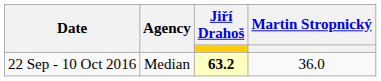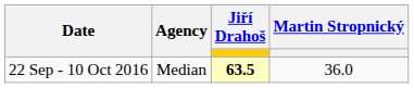 <table class="wikitable collapsible collapsed" style=text-align:center>
 <tr>
 <th rowspan="2">Date</th>
 <th rowspan="2">Agency</th>
 <th><a href='#'>Jiří Drahoš</a></th>
 <th><a href='#'>Martin Stropnický</a></th>
 </tr>
 <tr>
 <th style="background:#FFCB03; width:40px;"></th>
 <th style="background:"></th>
 </tr>
 <tr>
 <td>22 Sep - 10 Oct 2016</td>
 <td>Median</td>
-<td style="background:#FFFFBF"><strong>63.2</strong></td>
+<td style="background:#FFFFBF"><strong>63.5</strong></td>
 <td>36.0</td>
 </tr>
 </table>
